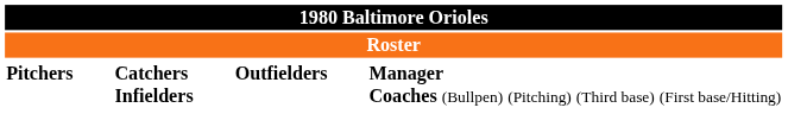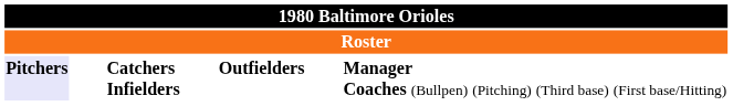 <table class="toccolours" style="font-size: 95%;">
 <tr>
 <th colspan="10" style="background-color: black; color: white; text-align: center;">1980 Baltimore Orioles</th>
 </tr>
 <tr>
 <td colspan="10" style="background-color: #F87217; color: white; text-align: center;"><strong>Roster</strong></td>
 </tr>
 <tr>
-<td valign="top"><strong>Pitchers</strong><br>           </td>
+<td valign="top" style="background: lavender;"><strong>Pitchers</strong><br>           </td>
 <td width="25px"></td>
 <td valign="top"><strong>Catchers</strong><br>   <strong>Infielders</strong>           </td>
 <td width="25px"></td>
 <td valign="top"><strong>Outfielders</strong><br>       </td>
 <td width="25px"></td>
 <td valign="top"><strong>Manager</strong><br> <strong>Coaches</strong>  <small>(Bullpen)</small>  <small>(Pitching)</small>  <small>(Third base)</small>  <small>(First base/Hitting)</small></td>
 </tr>
 <tr>
 </tr>
 </table>
